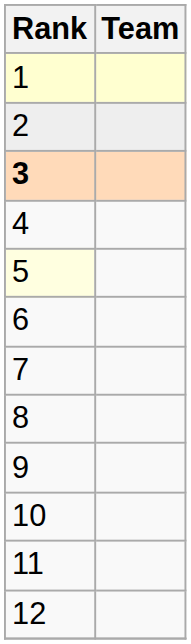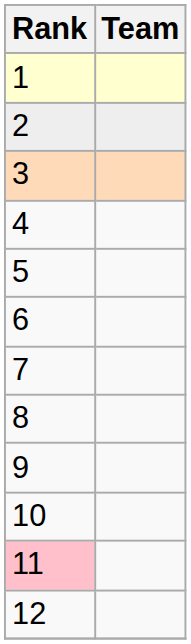 <table class="wikitable">
 <tr>
 <th>Rank</th>
 <th>Team</th>
 </tr>
 <tr style="background:#ffffd0">
 <td>1</td>
 <td></td>
 </tr>
 <tr style="background:#eeeeee">
 <td>2</td>
 <td></td>
 </tr>
 <tr style="background:#FFDAB9">
-<td><strong>3</strong></td>
+<td>3</td>
 <td></td>
 </tr>
 <tr>
 <td>4</td>
 <td></td>
 </tr>
 <tr>
-<td style="background: lightyellow;">5</td>
+<td>5</td>
 <td></td>
 </tr>
 <tr>
 <td>6</td>
 <td></td>
 </tr>
 <tr>
 <td>7</td>
 <td></td>
 </tr>
 <tr>
 <td>8</td>
 <td></td>
 </tr>
 <tr>
 <td>9</td>
 <td></td>
 </tr>
 <tr>
 <td>10</td>
 <td></td>
 </tr>
 <tr>
-<td>11</td>
+<td style="background: pink;">11</td>
 <td></td>
 </tr>
 <tr>
 <td>12</td>
 <td></td>
 </tr>
 <tr>
 </tr>
 </table>
